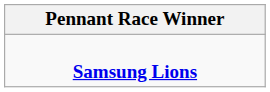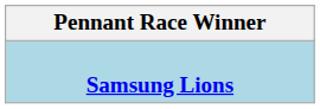 <table width="220" class="wikitable">
 <tr>
 <th><strong>Pennant Race Winner</strong></th>
 </tr>
 <tr align="center">
-<td><br><strong><a href='#'>Samsung Lions</a></strong></td>
+<td style="background: lightblue;"><br><strong><a href='#'>Samsung Lions</a></strong></td>
 </tr>
 </table>
